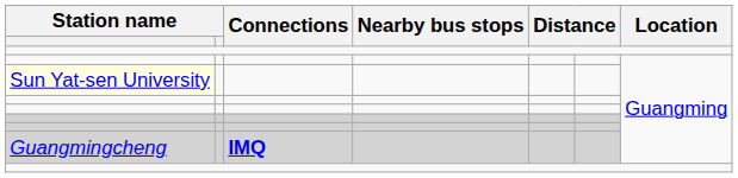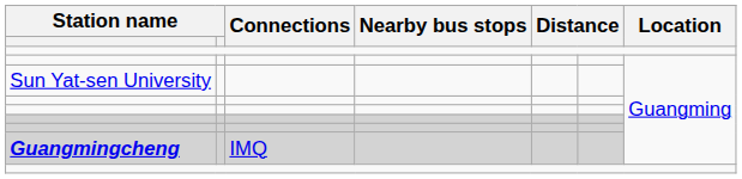 <table class="wikitable">
 <tr>
 <th colspan="2">Station name</th>
 <th rowspan="2">Connections</th>
 <th rowspan="2">Nearby bus stops</th>
 <th colspan="2" rowspan="2">Distance<br></th>
 <th rowspan="2">Location</th>
 </tr>
 <tr>
 <th></th>
 <th></th>
 </tr>
 <tr style="background:#">
 <td colspan = "8"></td>
 </tr>
 <tr>
 <td></td>
 <td></td>
 <td></td>
 <td></td>
 <td></td>
 <td></td>
 <td rowspan="7"><a href='#'>Guangming</a></td>
 </tr>
 <tr>
-<td style="background: lightyellow;"><a href='#'>Sun Yat-sen University</a></td>
+<td><a href='#'>Sun Yat-sen University</a></td>
 <td></td>
 <td></td>
 <td></td>
 <td></td>
 <td></td>
 </tr>
 <tr>
 <td></td>
 <td></td>
 <td></td>
 <td></td>
 <td></td>
 <td></td>
 </tr>
 <tr>
 <td></td>
 <td></td>
 <td></td>
 <td></td>
 <td></td>
 <td></td>
 </tr>
 <tr bgcolor="lightgrey">
 <td><em></em></td>
 <td></td>
 <td></td>
 <td></td>
 <td></td>
 <td></td>
 </tr>
 <tr bgcolor="lightgrey">
 <td><em></em></td>
 <td></td>
 <td></td>
 <td></td>
 <td></td>
 <td></td>
 </tr>
 <tr bgcolor="lightgrey">
-<td><em><a href='#'>Guangmingcheng</a></em></td>
+<td><strong><em><a href='#'>Guangmingcheng</a></em></strong></td>
 <td></td>
-<td><strong>  <a href='#'>IMQ</a></strong></td>
+<td>  <a href='#'>IMQ</a></td>
 <td></td>
 <td></td>
 <td></td>
 </tr>
 <tr style="background:#">
 <td colspan="8"></td>
 </tr>
 </table>
